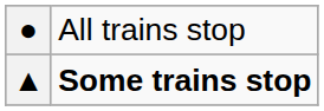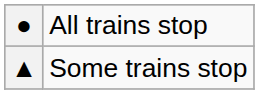 <table class="wikitable">
 <tr>
 <th>●</th>
 <td>All trains stop</td>
 </tr>
 <tr>
 <th>▲</th>
-<td><strong>Some trains stop</strong></td>
+<td>Some trains stop</td>
 </tr>
 </table>
